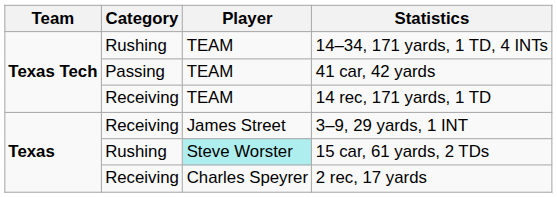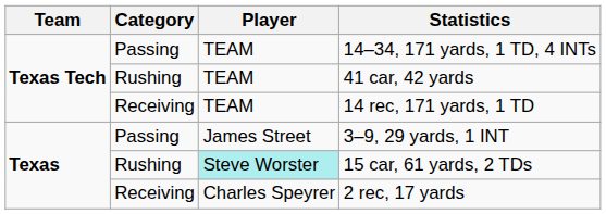 <table class="wikitable" style="float: right;">
 <tr>
 <th>Team</th>
 <th>Category</th>
 <th>Player</th>
 <th>Statistics</th>
 </tr>
 <tr>
 <td rowspan=3><strong>Texas Tech</strong></td>
-<td>Rushing</td>
+<td>Passing</td>
 <td>TEAM</td>
 <td>14–34, 171 yards, 1 TD, 4 INTs</td>
 </tr>
 <tr>
-<td>Passing</td>
+<td>Rushing</td>
 <td>TEAM</td>
 <td>41 car, 42 yards</td>
 </tr>
 <tr>
 <td>Receiving</td>
 <td>TEAM</td>
 <td>14 rec, 171 yards, 1 TD</td>
 </tr>
 <tr>
 <td rowspan=3><strong>Texas</strong></td>
-<td>Receiving</td>
+<td>Passing</td>
 <td>James Street</td>
 <td>3–9, 29 yards, 1 INT</td>
 </tr>
 <tr>
 <td>Rushing</td>
 <td style="background: paleturquoise;">Steve Worster</td>
 <td>15 car, 61 yards, 2 TDs</td>
 </tr>
 <tr>
 <td>Receiving</td>
 <td>Charles Speyrer</td>
 <td>2 rec, 17 yards</td>
 </tr>
 </table>
